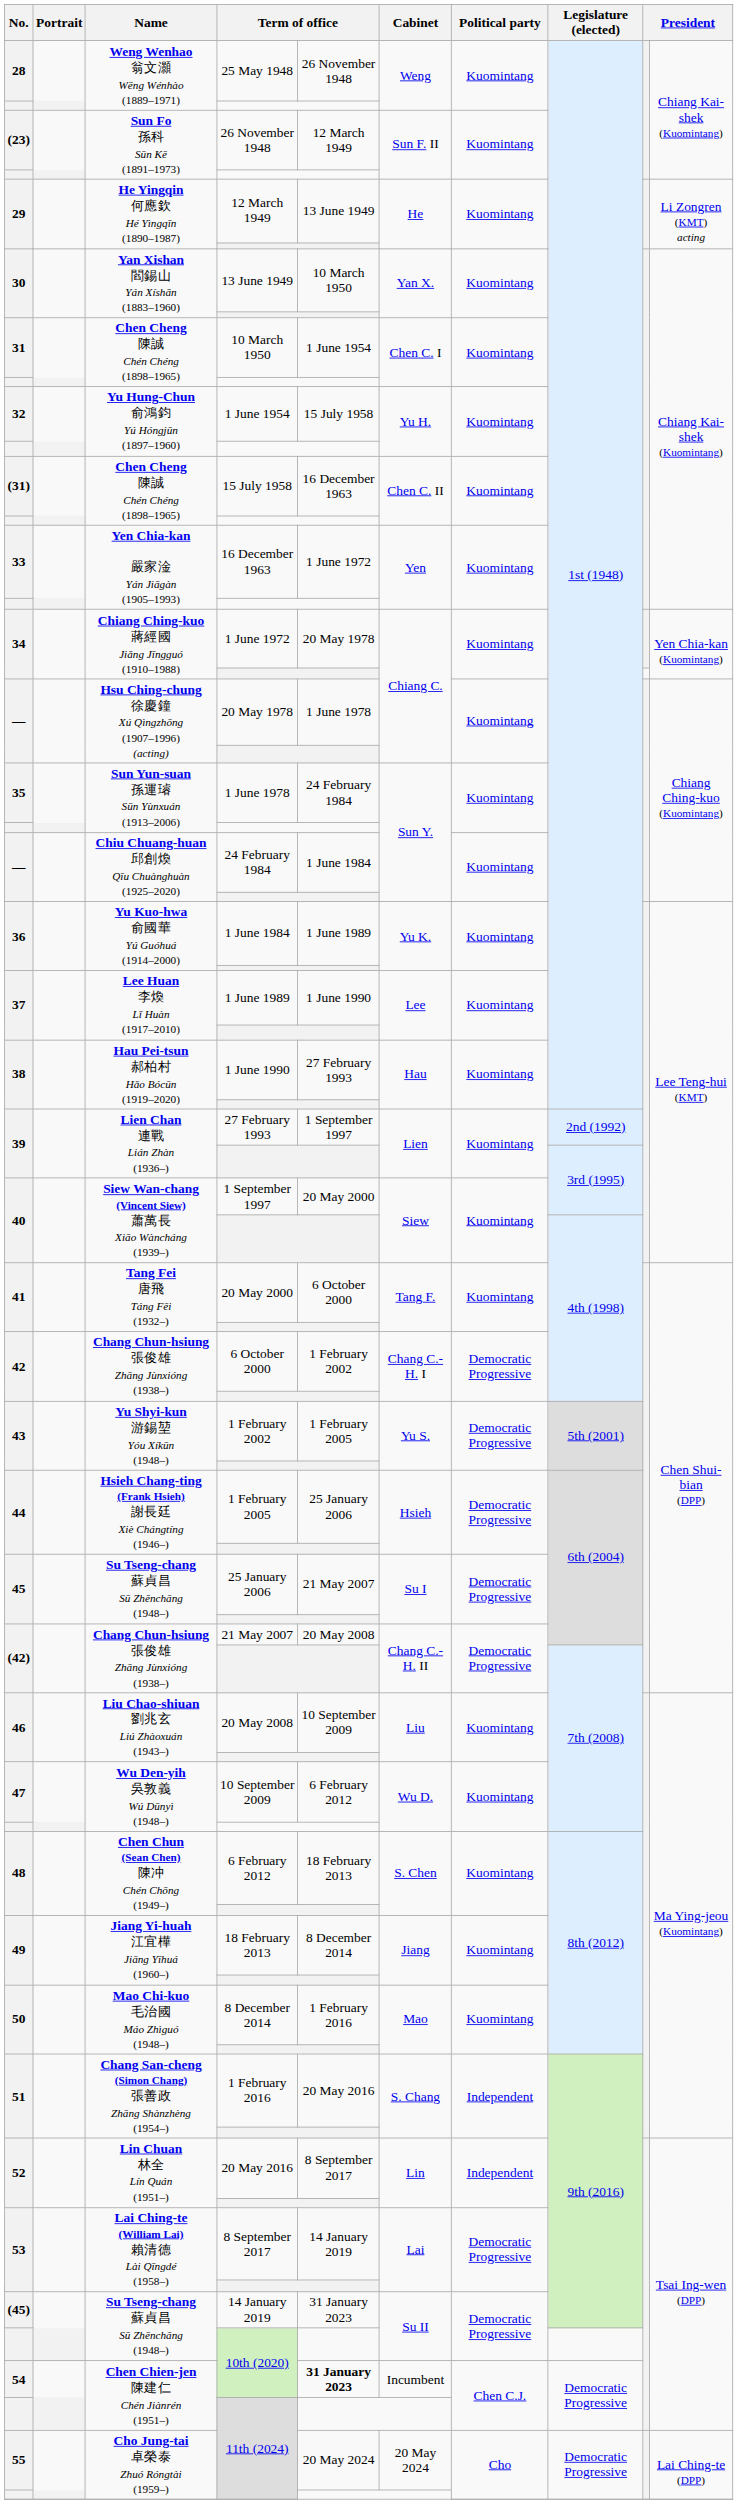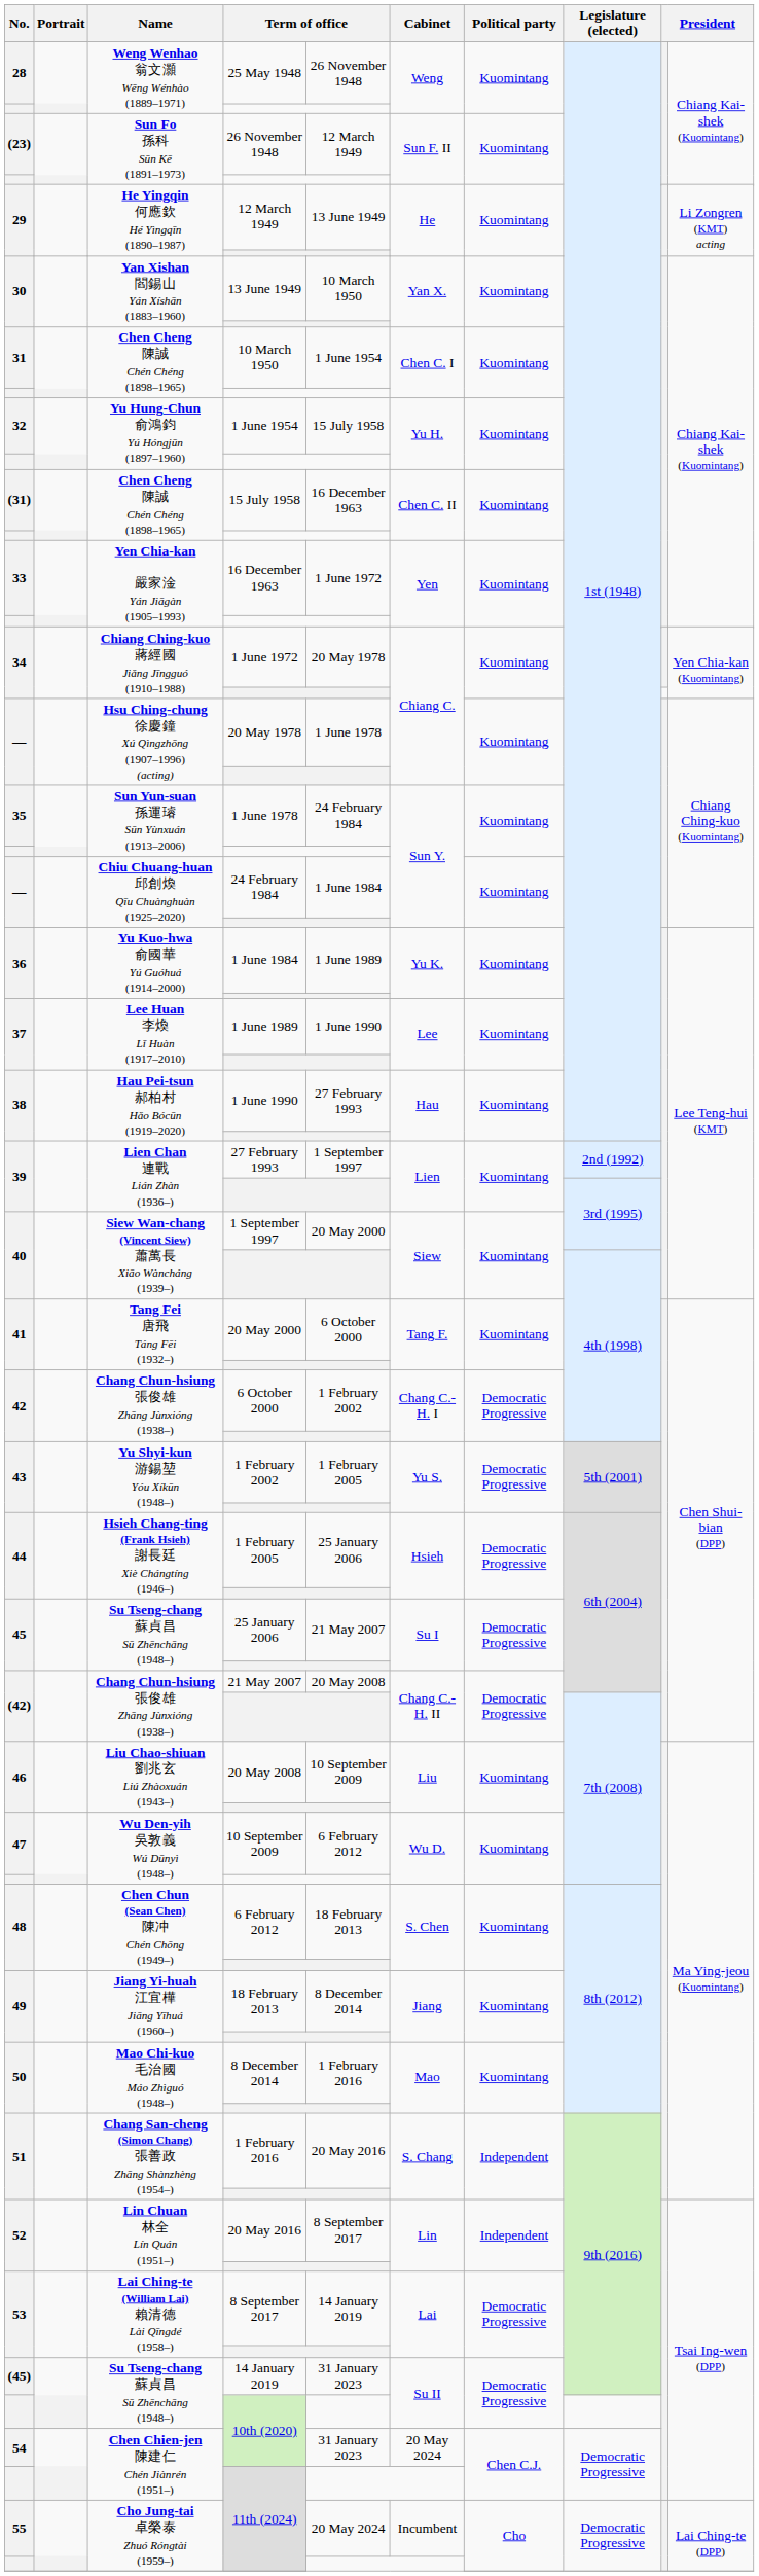 <table class="wikitable" style="text-align:center">
 <tr>
 <th>No.</th>
 <th>Portrait</th>
 <th width=18%>Name<br></th>
 <th colspan=2>Term of office<br></th>
 <th>Cabinet</th>
 <th>Political party</th>
 <th>Legislature<br>(elected)</th>
 <th colspan=2><a href='#'>President</a></th>
 </tr>
 <tr>
 <th style="background:">28</th>
 <td rowspan=2></td>
 <td align=center rowspan=2><strong><a href='#'>Weng Wenhao</a></strong><br><span>翁文灝</span><br><small><em>Wēng Wénhào</em><br>(1889–1971)</small></td>
 <td>25 May 1948</td>
 <td>26 November 1948</td>
 <td rowspan=2><a href='#'>Weng</a></td>
 <td rowspan=2><a href='#'>Kuomintang</a></td>
 <td style="background:#def;" rowspan=34><a href='#'>1st (1948)</a></td>
 <th rowspan=5 style="background:"></th>
 <td rowspan=5><br><a href='#'>Chiang Kai-shek</a><br><small>(<a href='#'>Kuomintang</a>)</small></td>
 </tr>
 <tr>
 <th colspan=2 style="font-size:90%; font-weight:normal"></th>
 </tr>
 <tr>
 <th style="background:">(23)</th>
 <td rowspan=2></td>
 <td align=center rowspan=2><strong><a href='#'>Sun Fo</a></strong><br><span>孫科</span><br><small><em>Sūn Kē</em><br>(1891–1973)</small></td>
 <td>26 November 1948</td>
 <td>12 March 1949</td>
 <td rowspan=2><a href='#'>Sun F.</a> II</td>
 <td rowspan=2><a href='#'>Kuomintang</a></td>
 </tr>
 <tr>
 <th colspan=2 style="font-size:90%; font-weight:normal"></th>
 </tr>
 <tr>
 <th rowspan=3 style="background:">29</th>
 <td rowspan=3></td>
 <td rowspan=3 align=center><strong><a href='#'>He Yingqin</a></strong><br><span>何應欽</span><br><small><em>Hé Yìngqīn</em><br>(1890–1987)</small></td>
 <td rowspan=2>12 March 1949</td>
 <td rowspan=2>13 June 1949</td>
 <td rowspan=3><a href='#'>He</a></td>
 <td rowspan=3><a href='#'>Kuomintang</a></td>
 </tr>
 <tr>
 <th rowspan=3 style="background:"></th>
 <td rowspan=3><br><a href='#'>Li Zongren</a><br><small>(<a href='#'>KMT</a>)<br><em>acting</em></small></td>
 </tr>
 <tr>
 <th colspan=2 style="font-size:90%; font-weight:normal"></th>
 </tr>
 <tr>
 <th rowspan=3 style="background:">30</th>
 <td rowspan=3></td>
 <td rowspan=3 align=center><strong><a href='#'>Yan Xishan</a></strong><br><span>閻錫山</span><br><small><em>Yán Xíshān</em><br>(1883–1960)</small></td>
 <td rowspan=2>13 June 1949</td>
 <td rowspan=2>10 March 1950</td>
 <td rowspan=3><a href='#'>Yan X.</a></td>
 <td rowspan=3><a href='#'>Kuomintang</a></td>
 </tr>
 <tr>
 <th rowspan=11 style="background:"></th>
 <td rowspan=11><br><a href='#'>Chiang Kai-shek</a><br><small>(<a href='#'>Kuomintang</a>)</small></td>
 </tr>
 <tr>
 <th colspan=2 style="font-size:90%; font-weight:normal"></th>
 </tr>
 <tr>
 <th style="background:">31</th>
 <td rowspan=2></td>
 <td align=center rowspan=2><strong><a href='#'>Chen Cheng</a></strong><br><span>陳誠</span><br><small><em>Chén Chéng</em><br>(1898–1965)</small></td>
 <td>10 March 1950</td>
 <td>1 June 1954</td>
 <td rowspan=2><a href='#'>Chen C.</a> I</td>
 <td rowspan=2><a href='#'>Kuomintang</a></td>
 </tr>
 <tr>
 <th colspan=2 style="font-size:90%; font-weight:normal"></th>
 </tr>
 <tr>
 <th style="background:">32</th>
 <td rowspan=2></td>
 <td align=center rowspan=2><strong><a href='#'>Yu Hung-Chun</a></strong><br><span>俞鴻鈞</span><br><small><em>Yú Hóngjūn</em><br>(1897–1960)</small></td>
 <td>1 June 1954</td>
 <td>15 July 1958</td>
 <td rowspan=2><a href='#'>Yu H.</a></td>
 <td rowspan=2><a href='#'>Kuomintang</a></td>
 </tr>
 <tr>
 <th colspan=2 style="font-size:90%; font-weight:normal"></th>
 </tr>
 <tr>
 <th style="background:">(31)</th>
 <td rowspan=2></td>
 <td align=center rowspan=2><strong><a href='#'>Chen Cheng</a></strong><br><span>陳誠</span><br><small><em>Chén Chéng</em><br>(1898–1965)</small></td>
 <td>15 July 1958</td>
 <td>16 December 1963</td>
 <td rowspan=2><a href='#'>Chen C.</a> II</td>
 <td rowspan=2><a href='#'>Kuomintang</a></td>
 </tr>
 <tr>
 <th colspan=2 style="font-size:90%; font-weight:normal"></th>
 </tr>
 <tr>
 <th style="background:">33</th>
 <td rowspan=2></td>
 <td rowspan=2><strong><a href='#'>Yen Chia-kan<br></a></strong><br><span>嚴家淦</span><br><small><em>Yán Jiāgàn</em><br>(1905–1993)</small></td>
 <td>16 December 1963</td>
 <td>1 June 1972</td>
 <td rowspan=2><a href='#'>Yen</a></td>
 <td rowspan=2><a href='#'>Kuomintang</a></td>
 </tr>
 <tr>
 <th colspan=2 style="font-size:90%; font-weight:normal"></th>
 </tr>
 <tr>
 <th rowspan=3 style="background:">34</th>
 <td rowspan=3></td>
 <td rowspan=3 align=center><strong><a href='#'>Chiang Ching-kuo</a></strong><br><span>蔣經國</span><br><small><em>Jiǎng Jīngguó</em><br>(1910–1988)</small></td>
 <td rowspan=2>1 June 1972</td>
 <td rowspan=2>20 May 1978</td>
 <td rowspan=5><a href='#'>Chiang C.</a></td>
 <td rowspan=3><a href='#'>Kuomintang</a></td>
 </tr>
 <tr>
 <th style="background:"></th>
 <td rowspan=2><br><a href='#'>Yen Chia-kan</a><br><small>(<a href='#'>Kuomintang</a>)</small></td>
 </tr>
 <tr>
 <th colspan=2 style="font-size:90%; font-weight:normal"></th>
 </tr>
 <tr>
 <th rowspan=2 style="background:">—</th>
 <td rowspan=2></td>
 <td rowspan=2 align=center><strong><a href='#'>Hsu Ching-chung</a></strong><br><span>徐慶鐘</span><br><small><em>Xú Qìngzhōng</em><br>(1907–1996)</small><br><small><em>(acting)</em></small></td>
 <td>20 May 1978</td>
 <td>1 June 1978</td>
 <td rowspan=2><a href='#'>Kuomintang</a></td>
 <th rowspan=7 style="background:"></th>
 <td rowspan=7><br><a href='#'>Chiang Ching-kuo</a><br><small>(<a href='#'>Kuomintang</a>)</small></td>
 </tr>
 <tr>
 <th colspan=2 style="font-size:90%; font-weight:normal"></th>
 </tr>
 <tr>
 <th style="background:">35</th>
 <td rowspan=2></td>
 <td rowspan=2><strong><a href='#'>Sun Yun-suan</a></strong><br><span>孫運璿</span><br><small><em>Sūn Yùnxuán</em><br>(1913–2006)</small></td>
 <td>1 June 1978</td>
 <td>24 February 1984</td>
 <td rowspan=4><a href='#'>Sun Y.</a></td>
 <td rowspan=2><a href='#'>Kuomintang</a></td>
 </tr>
 <tr>
 <th colspan=2 style="font-size:90%; font-weight:normal"></th>
 </tr>
 <tr>
 <th rowspan=2 style="background:">—</th>
 <td rowspan=2></td>
 <td rowspan=2><strong><a href='#'>Chiu Chuang-huan</a></strong><br><span>邱創煥</span><br><small><em>Qīu Chuànghuàn</em><br>(1925–2020)</small></td>
 <td>24 February 1984</td>
 <td>1 June 1984</td>
 <td rowspan=2><a href='#'>Kuomintang</a></td>
 </tr>
 <tr>
 <th colspan=2 style="font-size:90%; font-weight:normal"></th>
 </tr>
 <tr>
 <th rowspan=3 style="background:">36</th>
 <td rowspan=3></td>
 <td rowspan=3><strong><a href='#'>Yu Kuo-hwa</a></strong><br><span>俞國華</span><br><small><em>Yú Guóhuá</em><br>(1914–2000)</small></td>
 <td rowspan=2>1 June 1984</td>
 <td rowspan=2>1 June 1989</td>
 <td rowspan=3><a href='#'>Yu K.</a></td>
 <td rowspan=3><a href='#'>Kuomintang</a></td>
 </tr>
 <tr>
 <th rowspan=10 style="background:"></th>
 <td rowspan=10><br><a href='#'>Lee Teng-hui</a><br><small>(<a href='#'>KMT</a>)</small></td>
 </tr>
 <tr>
 <th colspan=2 style="font-size:90%; font-weight:normal"></th>
 </tr>
 <tr>
 <th rowspan=2 style="background:">37</th>
 <td rowspan=2></td>
 <td rowspan=2><strong><a href='#'>Lee Huan</a></strong><br><span>李煥</span><br><small><em>Lǐ Huàn</em><br>(1917–2010)</small></td>
 <td>1 June 1989</td>
 <td>1 June 1990</td>
 <td rowspan=2><a href='#'>Lee</a></td>
 <td rowspan=2><a href='#'>Kuomintang</a></td>
 </tr>
 <tr>
 <th colspan=2 style="font-size:90%; font-weight:normal"></th>
 </tr>
 <tr>
 <th rowspan=2 style="background:">38</th>
 <td rowspan=2></td>
 <td rowspan=2><strong><a href='#'>Hau Pei-tsun</a></strong><br><span>郝柏村</span><br><small><em>Hǎo Bócūn</em><br>(1919–2020)</small></td>
 <td>1 June 1990</td>
 <td>27 February 1993</td>
 <td rowspan=2><a href='#'>Hau</a></td>
 <td rowspan=2><a href='#'>Kuomintang</a></td>
 </tr>
 <tr>
 <th colspan=2 style="font-size:90%; font-weight:normal"></th>
 </tr>
 <tr>
 <th rowspan=2 style="background:">39</th>
 <td rowspan=2></td>
 <td rowspan=2><strong><a href='#'>Lien Chan</a></strong><br><span>連戰</span><br><small><em>Lián Zhàn</em><br>(1936–)</small></td>
 <td>27 February 1993</td>
 <td>1 September 1997</td>
 <td rowspan=2><a href='#'>Lien</a></td>
 <td rowspan=2><a href='#'>Kuomintang</a></td>
 <td style="background:#def;"><a href='#'>2nd (1992)</a></td>
 </tr>
 <tr>
 <th colspan=2 style="font-size:90%; font-weight:normal"></th>
 <td style="background:#def;" rowspan=2><a href='#'>3rd (1995)</a></td>
 </tr>
 <tr>
 <th rowspan=2 style="background:">40</th>
 <td rowspan=2></td>
 <td rowspan=2><strong><a href='#'>Siew Wan-chang<br><small>(Vincent Siew)</small></a></strong><br><span>蕭萬長</span><br><small><em>Xiāo Wàncháng</em><br>(1939–)</small></td>
 <td>1 September 1997</td>
 <td>20 May 2000</td>
 <td rowspan=2><a href='#'>Siew</a></td>
 <td rowspan=2><a href='#'>Kuomintang</a></td>
 </tr>
 <tr>
 <th colspan=2 style="font-size:90%; font-weight:normal"></th>
 <td style="background:#def;" rowspan=5><a href='#'>4th (1998)</a></td>
 </tr>
 <tr>
 <th rowspan=2 style="background:">41</th>
 <td rowspan=2></td>
 <td rowspan=2><strong><a href='#'>Tang Fei</a></strong><br><span>唐飛</span><br><small><em>Táng Fēi</em><br>(1932–)</small></td>
 <td>20 May 2000</td>
 <td>6 October 2000</td>
 <td rowspan=2><a href='#'>Tang F.</a></td>
 <td rowspan=2><a href='#'>Kuomintang</a></td>
 <th rowspan=12 style="background:"></th>
 <td rowspan=12><br><a href='#'>Chen Shui-bian</a><br><small>(<a href='#'>DPP</a>)</small></td>
 </tr>
 <tr>
 <th colspan=2 style="font-size:90%; font-weight:normal"></th>
 </tr>
 <tr>
 <th rowspan=2 style="background:">42</th>
 <td rowspan=2></td>
 <td rowspan=2><strong><a href='#'>Chang Chun-hsiung</a></strong><br><span>張俊雄</span><br><small><em>Zhāng Jùnxióng</em><br>(1938–)</small></td>
 <td>6 October 2000</td>
 <td>1 February 2002</td>
 <td rowspan=2><a href='#'>Chang C.-H.</a> I</td>
 <td rowspan=2><a href='#'>Democratic Progressive</a></td>
 </tr>
 <tr>
 <th colspan=2 style="font-size:90%; font-weight:normal"></th>
 </tr>
 <tr>
 <th rowspan=2 style="background:">43</th>
 <td rowspan=2></td>
 <td rowspan=2><strong><a href='#'>Yu Shyi-kun</a></strong><br><span>游錫堃</span><br><small><em>Yóu Xíkūn</em><br>(1948–)</small></td>
 <td>1 February 2002</td>
 <td>1 February 2005</td>
 <td rowspan=2><a href='#'>Yu S.</a></td>
 <td rowspan=2><a href='#'>Democratic Progressive</a></td>
 <td style="background:#ddd;" rowspan=2><a href='#'>5th (2001)</a></td>
 </tr>
 <tr>
 <th colspan=2 style="font-size:90%; font-weight:normal"></th>
 </tr>
 <tr>
 <th rowspan=2 style="background:">44</th>
 <td rowspan=2></td>
 <td rowspan=2><strong><a href='#'>Hsieh Chang-ting<br><small>(Frank Hsieh)</small></a></strong><br><span>謝長廷</span><br><small><em>Xiè Chángtíng</em><br>(1946–)</small></td>
 <td>1 February 2005</td>
 <td>25 January 2006</td>
 <td rowspan=2><a href='#'>Hsieh</a></td>
 <td rowspan=2><a href='#'>Democratic Progressive</a></td>
 <td style="background:#ddd;" rowspan=5><a href='#'>6th (2004)</a></td>
 </tr>
 <tr>
 <th colspan=2 style="font-size:90%; font-weight:normal"></th>
 </tr>
 <tr>
 <th rowspan=2 style="background:">45</th>
 <td rowspan=2></td>
 <td rowspan=2><strong><a href='#'>Su Tseng-chang</a></strong><br><span>蘇貞昌</span><br><small><em>Sū Zhēnchāng</em><br>(1948–)</small></td>
 <td>25 January 2006</td>
 <td>21 May 2007</td>
 <td rowspan=2><a href='#'>Su I</a></td>
 <td rowspan=2><a href='#'>Democratic Progressive</a></td>
 </tr>
 <tr>
 <th colspan=2 style="font-size:90%; font-weight:normal"></th>
 </tr>
 <tr>
 <th rowspan=2 style="background:">(42)</th>
 <td rowspan=2></td>
 <td rowspan=2><strong><a href='#'>Chang Chun-hsiung</a></strong><br><span>張俊雄</span><br><small><em>Zhāng Jùnxióng</em><br>(1938–)</small></td>
 <td>21 May 2007</td>
 <td>20 May 2008</td>
 <td rowspan=2><a href='#'>Chang C.-H.</a> II</td>
 <td rowspan=2><a href='#'>Democratic Progressive</a></td>
 </tr>
 <tr>
 <th colspan=2 style="font-size:90%; font-weight:normal"></th>
 <td style="background:#def;" rowspan=5><a href='#'>7th (2008)</a></td>
 </tr>
 <tr>
 <th rowspan=2 style="background:">46</th>
 <td rowspan=2></td>
 <td rowspan=2><strong><a href='#'>Liu Chao-shiuan</a></strong><br><span>劉兆玄</span><br><small><em>Liú Zhàoxuán</em><br>(1943–)</small></td>
 <td>20 May 2008</td>
 <td>10 September 2009</td>
 <td rowspan=2><a href='#'>Liu</a></td>
 <td rowspan=2><a href='#'>Kuomintang</a></td>
 <th rowspan=12 style="background:"></th>
 <td rowspan=12><br><a href='#'>Ma Ying-jeou</a><br><small>(<a href='#'>Kuomintang</a>)</small></td>
 </tr>
 <tr>
 <th colspan=2 style="font-size:90%; font-weight:normal"></th>
 </tr>
 <tr>
 <th style="background:">47</th>
 <td rowspan=2></td>
 <td rowspan=2><strong><a href='#'>Wu Den-yih</a></strong><br><span>吳敦義</span><br><small><em>Wú Dūnyì</em><br>(1948–)</small></td>
 <td>10 September 2009</td>
 <td>6 February 2012</td>
 <td rowspan=2><a href='#'>Wu D.</a></td>
 <td rowspan=2><a href='#'>Kuomintang</a></td>
 </tr>
 <tr>
 <th colspan=2 style="font-size:90%; font-weight:normal"></th>
 </tr>
 <tr>
 <th rowspan=2 style="background:">48</th>
 <td rowspan=2></td>
 <td rowspan=2><strong><a href='#'>Chen Chun<br><small>(Sean Chen)</small></a></strong><br><span>陳冲</span><br><small><em>Chén Chōng</em><br>(1949–)</small></td>
 <td>6 February 2012</td>
 <td>18 February 2013</td>
 <td rowspan=2><a href='#'>S. Chen</a></td>
 <td rowspan=2><a href='#'>Kuomintang</a></td>
 <td rowspan="6" style="background:#def;"><a href='#'>8th (2012)</a></td>
 </tr>
 <tr>
 <th colspan=2 style="font-size:90%; font-weight:normal"></th>
 </tr>
 <tr>
 <th rowspan=2 style="background:">49</th>
 <td rowspan=2></td>
 <td rowspan=2><strong><a href='#'>Jiang Yi-huah</a></strong><br><span>江宜樺</span><br><small><em>Jiāng Yīhuá</em><br>(1960–)</small></td>
 <td>18 February 2013</td>
 <td>8 December 2014</td>
 <td rowspan=2><a href='#'>Jiang</a></td>
 <td rowspan=2><a href='#'>Kuomintang</a></td>
 </tr>
 <tr>
 <th colspan=2 style="font-size:90%; font-weight:normal"></th>
 </tr>
 <tr>
 <th rowspan=2 style="background:">50</th>
 <td rowspan=2></td>
 <td rowspan=2><strong><a href='#'>Mao Chi-kuo</a></strong><br><span>毛治國</span><br><small><em>Máo Zhìguó</em><br>(1948–)</small></td>
 <td>8 December 2014</td>
 <td>1 February 2016</td>
 <td rowspan=2><a href='#'>Mao</a></td>
 <td rowspan=2><a href='#'>Kuomintang</a></td>
 </tr>
 <tr>
 <th colspan=2 style="font-size:90%; font-weight:normal"></th>
 </tr>
 <tr>
 <th rowspan=2 style="background:">51</th>
 <td rowspan=2></td>
 <td rowspan=2><strong><a href='#'>Chang San-cheng<br><small>(Simon Chang)</small></a></strong><br><span>張善政</span><br><small><em>Zhāng Shànzhèng</em><br>(1954–)</small></td>
 <td>1 February 2016</td>
 <td>20 May 2016</td>
 <td rowspan=2><a href='#'>S. Chang</a></td>
 <td rowspan=2><a href='#'>Independent</a></td>
 <td style="background:#d0f0c0;" rowspan=7><a href='#'>9th (2016)</a></td>
 </tr>
 <tr>
 <th colspan=2 style="font-size:90%; font-weight:normal"></th>
 </tr>
 <tr>
 <th rowspan=2 style="background:">52</th>
 <td rowspan=2></td>
 <td rowspan=2><strong><a href='#'>Lin Chuan</a></strong><br><span>林全</span><br><small><em>Lín Quán</em><br>(1951–)</small></td>
 <td>20 May 2016</td>
 <td>8 September 2017</td>
 <td rowspan=2><a href='#'>Lin</a></td>
 <td rowspan=2><a href='#'>Independent</a></td>
 <th rowspan="8" style="background:"></th>
 <td rowspan="8"><br><a href='#'>Tsai Ing-wen</a><br><small>(<a href='#'>DPP</a>)</small></td>
 </tr>
 <tr>
 <th colspan=2 style="font-size:90%; font-weight:normal"></th>
 </tr>
 <tr>
 <th rowspan=2 style="background:">53</th>
 <td rowspan=2></td>
 <td rowspan=2><strong><a href='#'>Lai Ching-te<br><small>(William Lai)</small></a></strong><br><span>賴清德</span><br><small><em>Lài Qīngdé</em><br>(1958–)</small></td>
 <td>8 September 2017</td>
 <td>14 January 2019</td>
 <td rowspan=2><a href='#'>Lai</a></td>
 <td rowspan=2><a href='#'>Democratic Progressive</a></td>
 </tr>
 <tr>
 <th colspan=2 style="font-size:90%; font-weight:normal"></th>
 </tr>
 <tr>
 <th style="background:">(45)</th>
 <td rowspan=2></td>
 <td rowspan=2><strong><a href='#'>Su Tseng-chang</a></strong><br><span>蘇貞昌</span><br><small><em>Sū Zhēnchāng</em><br>(1948–)</small></td>
 <td>14 January 2019</td>
 <td>31 January 2023</td>
 <td rowspan=2><a href='#'>Su II</a></td>
 <td rowspan=2><a href='#'>Democratic Progressive</a></td>
 </tr>
 <tr>
 <th colspan=2 style="font-size:90%; font-weight:normal"></th>
 <td style="background:#d0f0c0;" rowspan=2><a href='#'>10th (2020)</a></td>
 </tr>
 <tr>
 <th style="background:">54</th>
 <td rowspan=2></td>
 <td rowspan=2><strong><a href='#'>Chen Chien-jen</a></strong><br><span>陳建仁</span><br><small><em>Chén Jiànrén</em><br>(1951–)</small></td>
-<td><strong>31 January 2023</strong></td>
-<td>Incumbent</td>
+<td>31 January 2023</td>
+<td>20 May 2024</td>
 <td rowspan=2><a href='#'>Chen C.J.</a></td>
 <td rowspan=2><a href='#'>Democratic Progressive</a></td>
 </tr>
 <tr>
 <th colspan=2 style="font-size:90%; font-weight:normal"></th>
 <td style="background:#ddd;" rowspan=3><a href='#'>11th (2024)</a></td>
 </tr>
 <tr>
 <th style="background:">55</th>
 <td rowspan=2></td>
 <td rowspan=2><strong><a href='#'>Cho Jung-tai</a></strong><br><span>卓榮泰</span><br><small><em>Zhuó Róngtài</em><br>(1959–)</small></td>
 <td>20 May 2024</td>
-<td>20 May 2024</td>
+<td>Incumbent</td>
 <td rowspan=2><a href='#'>Cho</a></td>
 <td rowspan=2><a href='#'>Democratic Progressive</a></td>
 <th rowspan="2" style="background:"></th>
 <td rowspan="2"><br><a href='#'>Lai Ching-te</a><br><small>(<a href='#'>DPP</a>)</small></td>
 </tr>
 <tr>
 <th colspan=2 style="font-size:90%; font-weight:normal"></th>
 </tr>
 <tr>
 </tr>
 </table>
